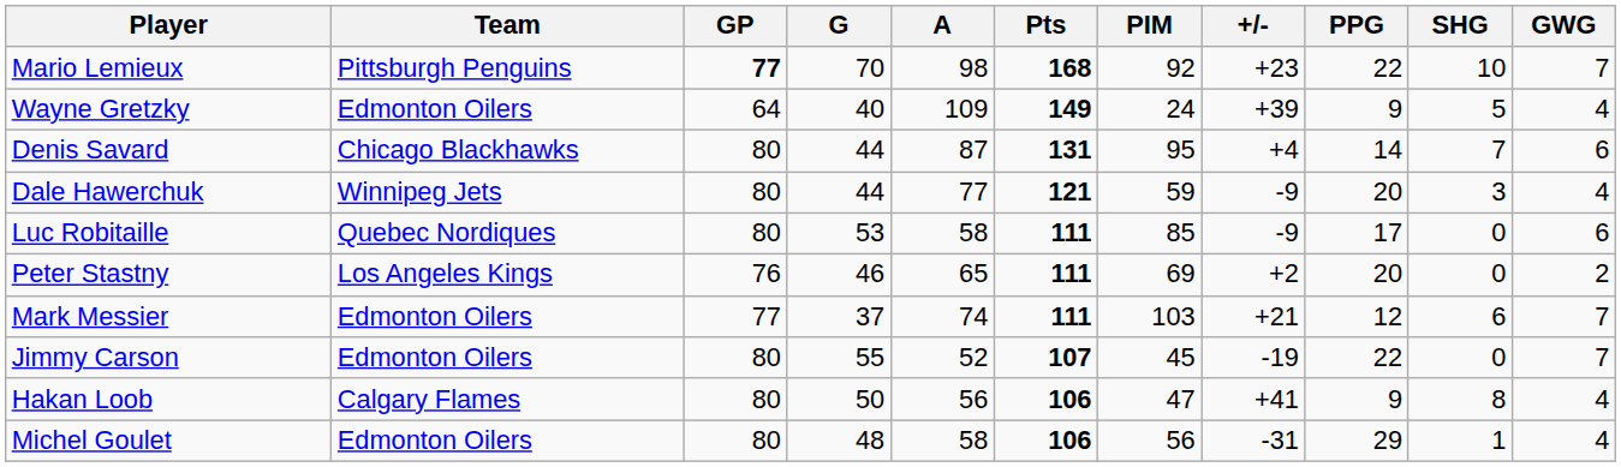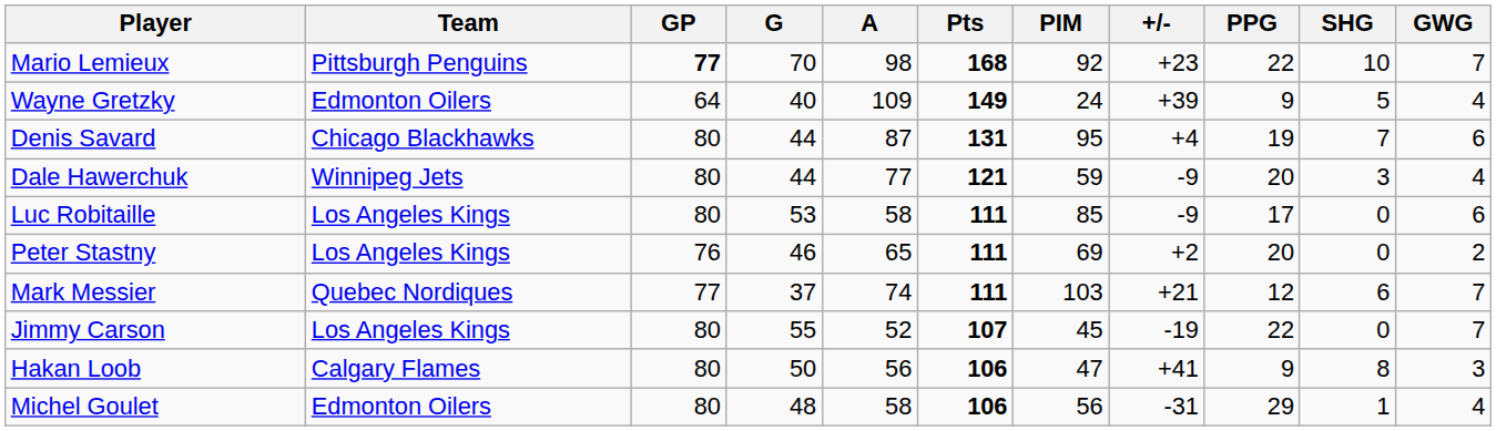 <table class="wikitable">
 <tr>
 <th style="align:left; width: 12em;">Player</th>
 <th style="align:left; width: 13em;">Team</th>
 <th style="width: 3.5em;">GP</th>
 <th style="width: 3.5em;">G</th>
 <th style="width: 3.5em;">A</th>
 <th style="width: 3.5em;">Pts</th>
 <th style="width: 3.5em;">PIM</th>
 <th style="width: 3.5em;">+/-</th>
 <th style="width: 3.5em;">PPG</th>
 <th style="width: 3.5em;">SHG</th>
 <th style="width: 3.5em;">GWG</th>
 </tr>
 <tr style="text-align:right;">
 <td style="text-align:left;"><a href='#'>Mario Lemieux</a></td>
 <td style="text-align:left;"><a href='#'>Pittsburgh Penguins</a></td>
 <td><strong>77</strong></td>
 <td>70</td>
 <td>98</td>
 <td><strong>168</strong></td>
 <td>92</td>
 <td>+23</td>
 <td>22</td>
 <td>10</td>
 <td>7</td>
 </tr>
 <tr style="text-align:right;">
 <td style="text-align:left;"><a href='#'>Wayne Gretzky</a></td>
 <td style="text-align:left;"><a href='#'>Edmonton Oilers</a></td>
 <td>64</td>
 <td>40</td>
 <td>109</td>
 <td><strong>149</strong></td>
 <td>24</td>
 <td>+39</td>
 <td>9</td>
 <td>5</td>
 <td>4</td>
 </tr>
 <tr style="text-align:right;">
 <td style="text-align:left;"><a href='#'>Denis Savard</a></td>
 <td style="text-align:left;"><a href='#'>Chicago Blackhawks</a></td>
 <td>80</td>
 <td>44</td>
 <td>87</td>
 <td><strong>131</strong></td>
 <td>95</td>
 <td>+4</td>
-<td>14</td>
+<td>19</td>
 <td>7</td>
 <td>6</td>
 </tr>
 <tr style="text-align:right;">
 <td style="text-align:left;"><a href='#'>Dale Hawerchuk</a></td>
 <td style="text-align:left;"><a href='#'>Winnipeg Jets</a></td>
 <td>80</td>
 <td>44</td>
 <td>77</td>
 <td><strong>121</strong></td>
 <td>59</td>
 <td>-9</td>
 <td>20</td>
 <td>3</td>
 <td>4</td>
 </tr>
 <tr style="text-align:right;">
 <td style="text-align:left;"><a href='#'>Luc Robitaille</a></td>
-<td style="text-align:left;"><a href='#'>Quebec Nordiques</a></td>
+<td style="text-align:left;"><a href='#'>Los Angeles Kings</a></td>
 <td>80</td>
 <td>53</td>
 <td>58</td>
 <td><strong>111</strong></td>
 <td>85</td>
 <td>-9</td>
 <td>17</td>
 <td>0</td>
 <td>6</td>
 </tr>
 <tr style="text-align:right;">
 <td style="text-align:left;"><a href='#'>Peter Stastny</a></td>
 <td style="text-align:left;"><a href='#'>Los Angeles Kings</a></td>
 <td>76</td>
 <td>46</td>
 <td>65</td>
 <td><strong>111</strong></td>
 <td>69</td>
 <td>+2</td>
 <td>20</td>
 <td>0</td>
 <td>2</td>
 </tr>
 <tr style="text-align:right;">
 <td style="text-align:left;"><a href='#'>Mark Messier</a></td>
-<td style="text-align:left;"><a href='#'>Edmonton Oilers</a></td>
+<td style="text-align:left;"><a href='#'>Quebec Nordiques</a></td>
 <td>77</td>
 <td>37</td>
 <td>74</td>
 <td><strong>111</strong></td>
 <td>103</td>
 <td>+21</td>
 <td>12</td>
 <td>6</td>
 <td>7</td>
 </tr>
 <tr style="text-align:right;">
 <td style="text-align:left;"><a href='#'>Jimmy Carson</a></td>
-<td style="text-align:left;"><a href='#'>Edmonton Oilers</a></td>
+<td style="text-align:left;"><a href='#'>Los Angeles Kings</a></td>
 <td>80</td>
 <td>55</td>
 <td>52</td>
 <td><strong>107</strong></td>
 <td>45</td>
 <td>-19</td>
 <td>22</td>
 <td>0</td>
 <td>7</td>
 </tr>
 <tr style="text-align:right;">
 <td style="text-align:left;"><a href='#'>Hakan Loob</a></td>
 <td style="text-align:left;"><a href='#'>Calgary Flames</a></td>
 <td>80</td>
 <td>50</td>
 <td>56</td>
 <td><strong>106</strong></td>
 <td>47</td>
 <td>+41</td>
 <td>9</td>
 <td>8</td>
-<td>4</td>
+<td>3</td>
 </tr>
 <tr style="text-align:right;">
 <td style="text-align:left;"><a href='#'>Michel Goulet</a></td>
 <td style="text-align:left;"><a href='#'>Edmonton Oilers</a></td>
 <td>80</td>
 <td>48</td>
 <td>58</td>
 <td><strong>106</strong></td>
 <td>56</td>
 <td>-31</td>
 <td>29</td>
 <td>1</td>
 <td>4</td>
 </tr>
 </table>
